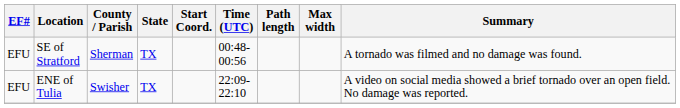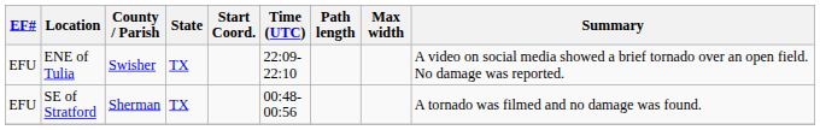 <table class="wikitable sortable" style="width:100%;">
 <tr>
 <th scope="col"  style="width:3%; text-align:center;"><a href='#'>EF#</a></th>
 <th scope="col"  style="width:7%; text-align:center;" class="unsortable">Location</th>
 <th scope="col"  style="width:6%; text-align:center;" class="unsortable">County / Parish</th>
 <th scope="col"  style="width:5%; text-align:center;">State</th>
 <th scope="col"  style="width:6%; text-align:center;">Start Coord.</th>
 <th scope="col"  style="width:6%; text-align:center;">Time (<a href='#'>UTC</a>)</th>
 <th scope="col"  style="width:6%; text-align:center;">Path length</th>
 <th scope="col"  style="width:6%; text-align:center;">Max width</th>
 <th scope="col" class="unsortable" style="width:48%; text-align:center;">Summary</th>
 </tr>
 <tr>
 <td>EFU</td>
+<td>ENE of <a href='#'>Tulia</a></td>
+<td><a href='#'>Swisher</a></td>
+<td><a href='#'>TX</a></td>
+<td></td>
+<td>22:09-22:10</td>
+<td></td>
+<td></td>
+<td>A video on social media showed a brief tornado over an open field. No damage was reported.</td>
+</tr>
+<tr>
+<td>EFU</td>
 <td>SE of <a href='#'>Stratford</a></td>
 <td><a href='#'>Sherman</a></td>
 <td><a href='#'>TX</a></td>
 <td></td>
 <td>00:48-00:56</td>
 <td></td>
 <td></td>
 <td>A tornado was filmed and no damage was found.</td>
 </tr>
 <tr>
-<td>EFU</td>
-<td>ENE of <a href='#'>Tulia</a></td>
-<td><a href='#'>Swisher</a></td>
-<td><a href='#'>TX</a></td>
-<td></td>
-<td>22:09-22:10</td>
-<td></td>
-<td></td>
-<td>A video on social media showed a brief tornado over an open field. No damage was reported.</td>
-</tr>
-<tr>
 </tr>
 </table>
